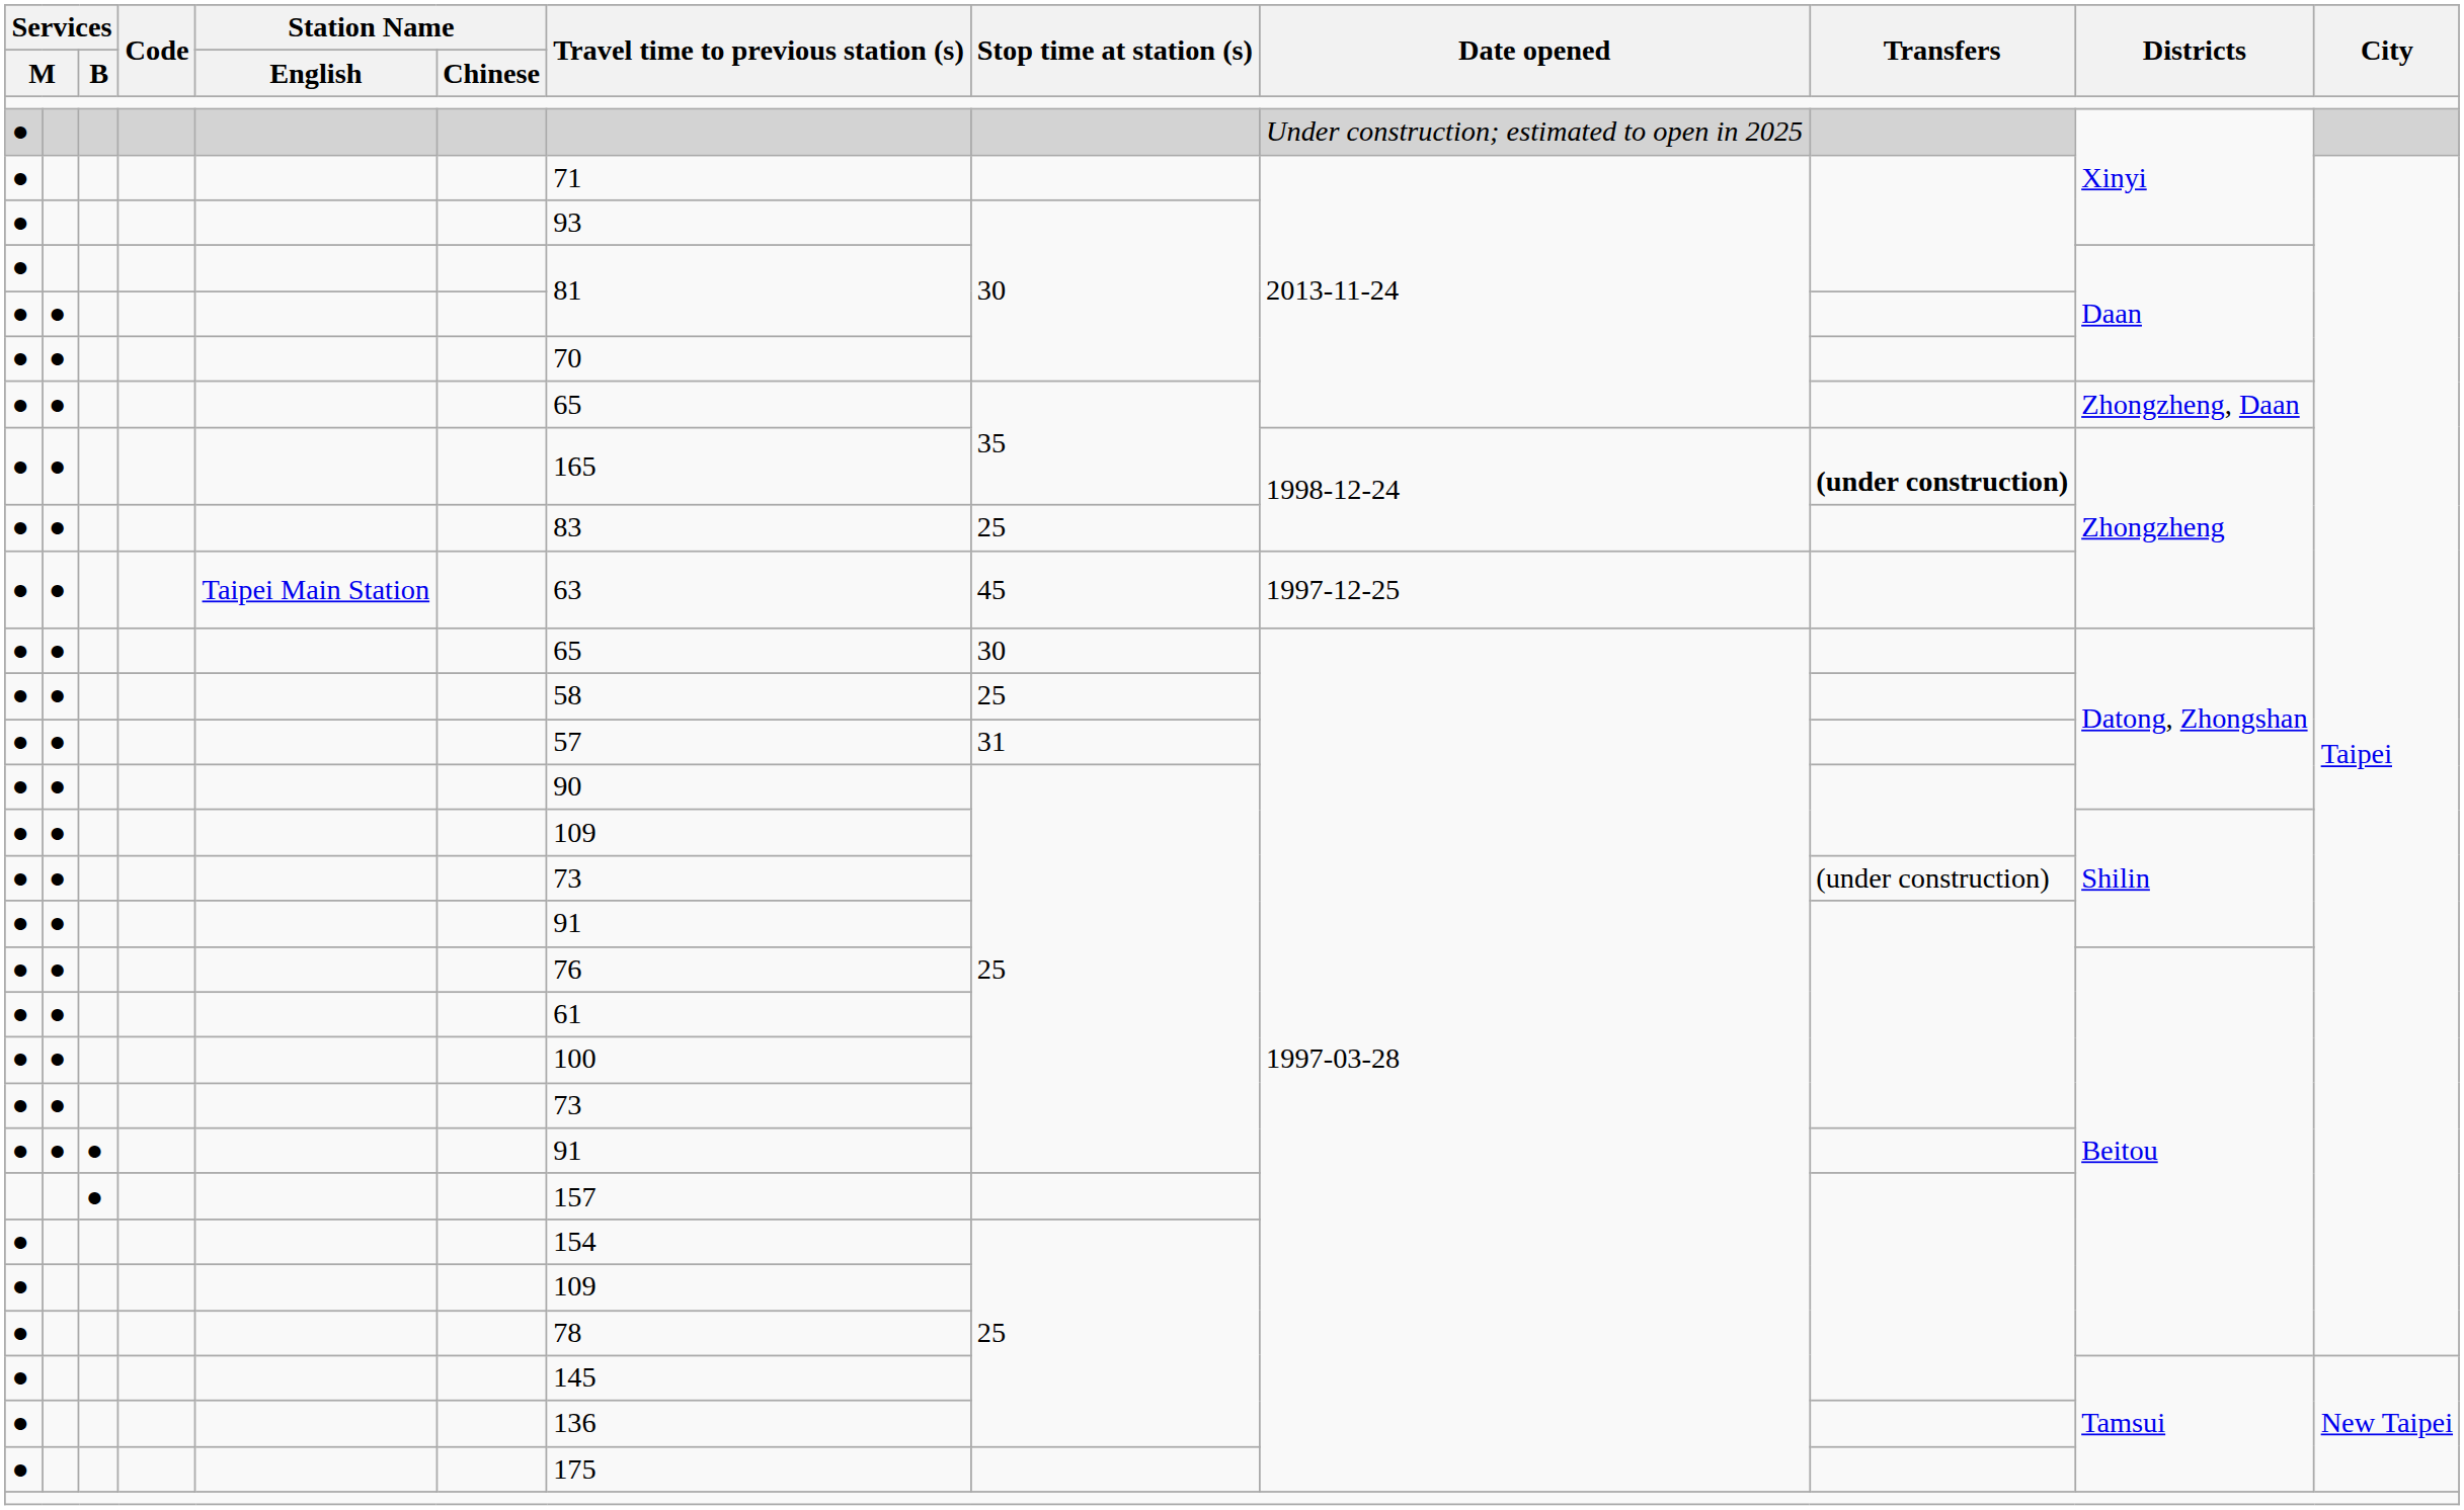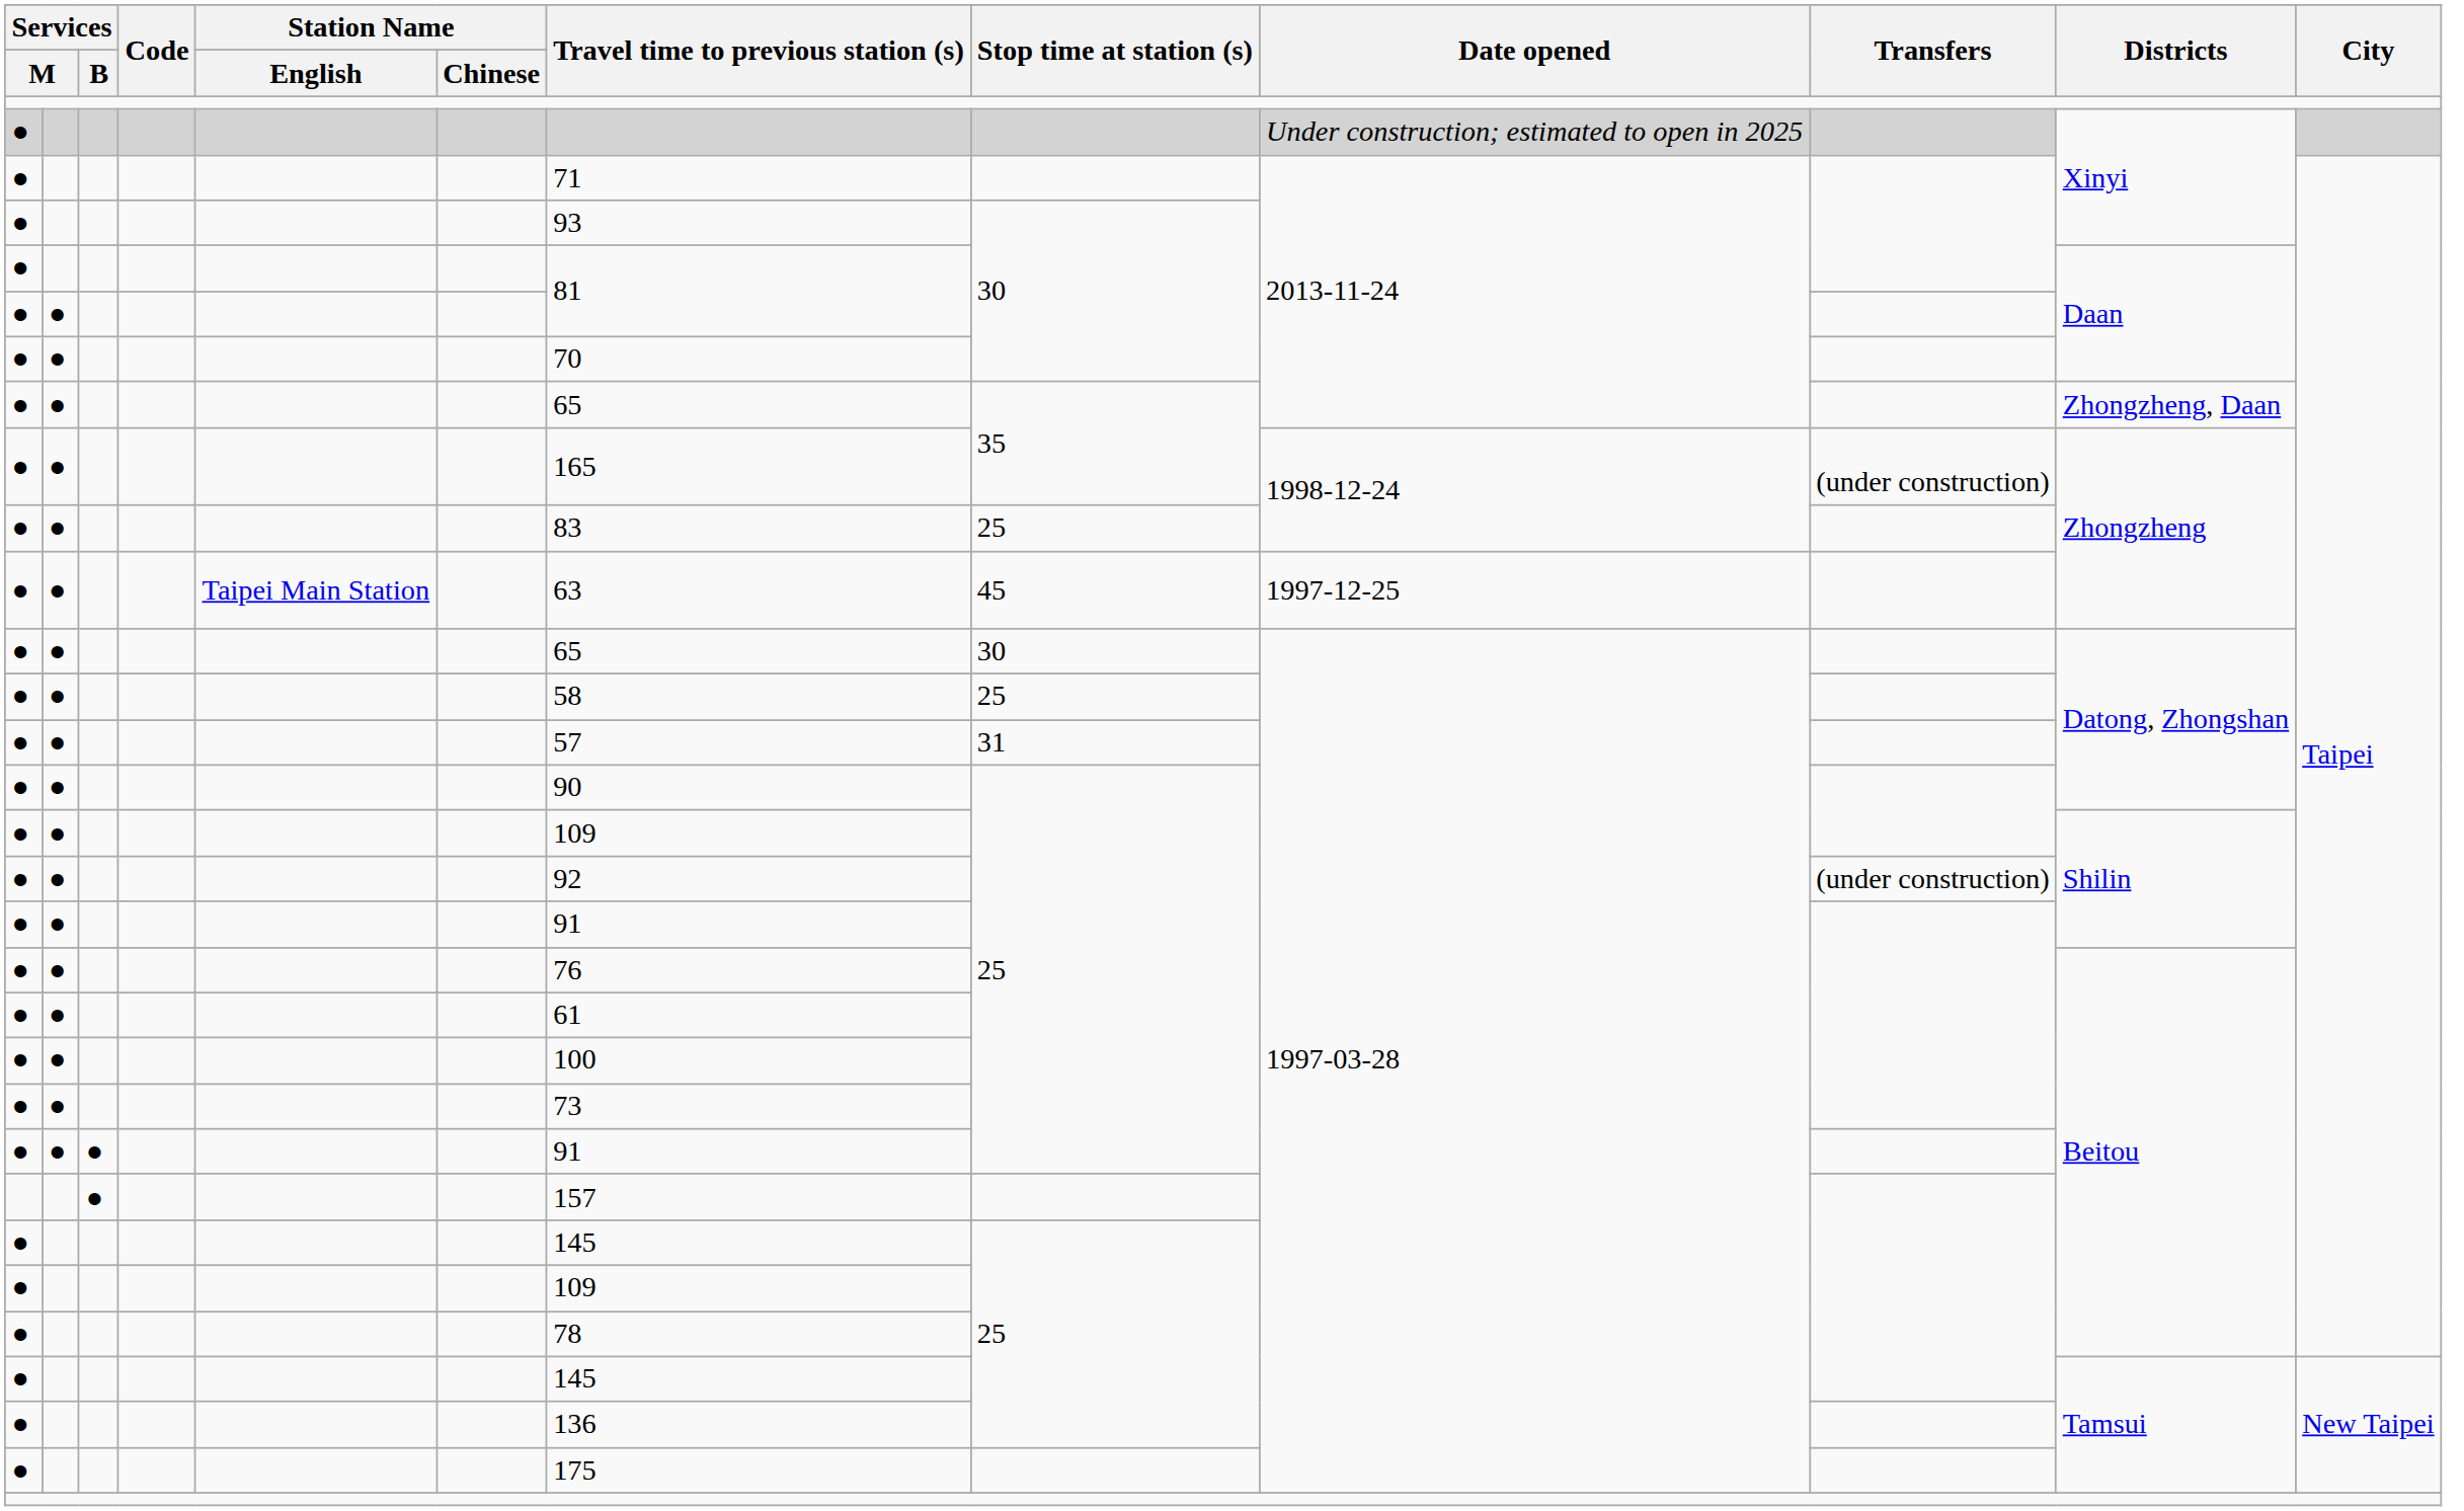 <table class="wikitable sortable">
 <tr>
 <th colspan="3">Services</th>
 <th rowspan="2">Code</th>
 <th colspan="2">Station Name</th>
 <th rowspan="2">Travel time to previous station (s)</th>
 <th rowspan="2">Stop time at station (s)</th>
 <th rowspan="2">Date opened</th>
 <th rowspan="2">Transfers</th>
 <th rowspan="2">Districts</th>
 <th rowspan="2">City</th>
 </tr>
 <tr>
 <th colspan="2">M</th>
 <th>B</th>
 <th>English</th>
 <th>Chinese</th>
 </tr>
 <tr>
 <td colspan="12"></td>
 </tr>
 <tr bgcolor="lightgrey">
 <td>●</td>
 <td></td>
 <td></td>
 <td><em></em></td>
 <td><em></em></td>
 <td><em></em></td>
 <td></td>
 <td></td>
 <td><em>Under construction; estimated to open in 2025</em></td>
 <td></td>
 <td bgcolor=#F9F9F9 rowspan="3"><a href='#'>Xinyi</a></td>
 <td></td>
 </tr>
 <tr>
 <td>●</td>
 <td></td>
 <td></td>
 <td></td>
 <td></td>
 <td></td>
 <td>71</td>
 <td></td>
 <td rowspan="6">2013-11-24</td>
 <td rowspan="3"></td>
 <td rowspan="25"><a href='#'>Taipei</a></td>
 </tr>
 <tr>
 <td>●</td>
 <td></td>
 <td></td>
 <td></td>
 <td></td>
 <td></td>
 <td>93</td>
 <td rowspan="4">30</td>
 </tr>
 <tr>
 <td>●</td>
 <td></td>
 <td></td>
 <td></td>
 <td></td>
 <td></td>
 <td rowspan="2">81</td>
 <td rowspan="3"><a href='#'>Daan</a></td>
 </tr>
 <tr>
 <td>●</td>
 <td>●</td>
 <td></td>
 <td></td>
 <td></td>
 <td></td>
 <td></td>
 </tr>
 <tr>
 <td>●</td>
 <td>●</td>
 <td></td>
 <td></td>
 <td></td>
 <td></td>
 <td>70</td>
 <td></td>
 </tr>
 <tr>
 <td>●</td>
 <td>●</td>
 <td></td>
 <td></td>
 <td></td>
 <td></td>
 <td>65</td>
 <td rowspan="2">35</td>
 <td></td>
 <td><a href='#'>Zhongzheng</a>, <a href='#'>Daan</a></td>
 </tr>
 <tr>
 <td>●</td>
 <td>●</td>
 <td></td>
 <td></td>
 <td></td>
 <td></td>
 <td>165</td>
 <td rowspan="2">1998-12-24</td>
-<td><strong><br> (under construction)</strong></td>
+<td><br> (under construction)</td>
 <td rowspan="3"><a href='#'>Zhongzheng</a></td>
 </tr>
 <tr>
 <td>●</td>
 <td>●</td>
 <td></td>
 <td></td>
 <td></td>
 <td></td>
 <td>83</td>
 <td>25</td>
 <td></td>
 </tr>
 <tr>
 <td>●</td>
 <td>●</td>
 <td></td>
 <td></td>
 <td><a href='#'>Taipei Main Station</a></td>
 <td></td>
 <td>63</td>
 <td>45</td>
 <td>1997-12-25</td>
 <td>  <br><br></td>
 </tr>
 <tr>
 <td>●</td>
 <td>●</td>
 <td></td>
 <td></td>
 <td></td>
 <td></td>
 <td>65</td>
 <td>30</td>
 <td rowspan="19">1997-03-28</td>
 <td></td>
 <td rowspan="4"><a href='#'>Datong</a>, <a href='#'>Zhongshan</a></td>
 </tr>
 <tr>
 <td>●</td>
 <td>●</td>
 <td></td>
 <td></td>
 <td></td>
 <td></td>
 <td>58</td>
 <td>25</td>
 <td></td>
 </tr>
 <tr>
 <td>●</td>
 <td>●</td>
 <td></td>
 <td></td>
 <td></td>
 <td></td>
 <td>57</td>
 <td>31</td>
 <td></td>
 </tr>
 <tr>
 <td>●</td>
 <td>●</td>
 <td></td>
 <td></td>
 <td></td>
 <td></td>
 <td>90</td>
 <td rowspan="9">25</td>
 <td rowspan="2"></td>
 </tr>
 <tr>
 <td>●</td>
 <td>●</td>
 <td></td>
 <td></td>
 <td></td>
 <td></td>
 <td>109</td>
 <td rowspan="3"><a href='#'>Shilin</a></td>
 </tr>
 <tr>
 <td>●</td>
 <td>●</td>
 <td></td>
 <td></td>
 <td></td>
 <td></td>
-<td>73</td>
+<td>92</td>
 <td> (under construction)</td>
 </tr>
 <tr>
 <td>●</td>
 <td>●</td>
 <td></td>
 <td></td>
 <td></td>
 <td></td>
 <td>91</td>
 <td rowspan="5"></td>
 </tr>
 <tr>
 <td>●</td>
 <td>●</td>
 <td></td>
 <td></td>
 <td></td>
 <td></td>
 <td>76</td>
 <td rowspan="9"><a href='#'>Beitou</a></td>
 </tr>
 <tr>
 <td>●</td>
 <td>●</td>
 <td></td>
 <td></td>
 <td></td>
 <td></td>
 <td>61</td>
 </tr>
 <tr>
 <td>●</td>
 <td>●</td>
 <td></td>
 <td></td>
 <td></td>
 <td></td>
 <td>100</td>
 </tr>
 <tr>
 <td>●</td>
 <td>●</td>
 <td></td>
 <td></td>
 <td></td>
 <td></td>
 <td>73</td>
 </tr>
 <tr>
 <td>●</td>
 <td>●</td>
 <td>●</td>
 <td></td>
 <td></td>
 <td></td>
 <td>91</td>
 <td></td>
 </tr>
 <tr>
 <td></td>
 <td></td>
 <td>●</td>
 <td></td>
 <td></td>
 <td></td>
 <td>157</td>
 <td></td>
 <td rowspan="5"></td>
 </tr>
 <tr>
 <td>●</td>
 <td></td>
 <td></td>
 <td></td>
 <td></td>
 <td></td>
-<td>154</td>
+<td>145</td>
 <td rowspan="5">25</td>
 </tr>
 <tr>
 <td>●</td>
 <td></td>
 <td></td>
 <td></td>
 <td></td>
 <td></td>
 <td>109</td>
 </tr>
 <tr>
 <td>●</td>
 <td></td>
 <td></td>
 <td></td>
 <td></td>
 <td></td>
 <td>78</td>
 </tr>
 <tr>
 <td>●</td>
 <td></td>
 <td></td>
 <td></td>
 <td></td>
 <td></td>
 <td>145</td>
 <td rowspan="3"><a href='#'>Tamsui</a></td>
 <td rowspan="3"><a href='#'>New Taipei</a></td>
 </tr>
 <tr>
 <td>●</td>
 <td></td>
 <td></td>
 <td></td>
 <td></td>
 <td></td>
 <td>136</td>
 <td></td>
 </tr>
 <tr>
 <td>●</td>
 <td></td>
 <td></td>
 <td></td>
 <td></td>
 <td></td>
 <td>175</td>
 <td></td>
 <td></td>
 </tr>
 <tr>
 <td colspan="12"></td>
 </tr>
 </table>
